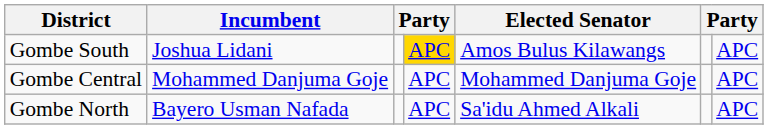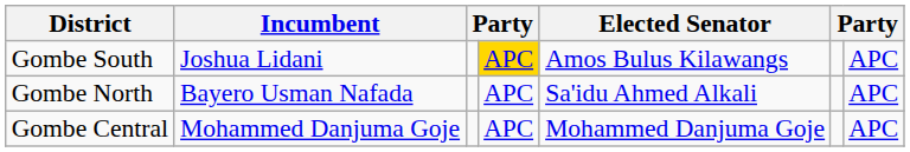 <table class="sortable wikitable" style="font-size:95%;line-height:14px;">
 <tr>
 <th class="unsortable">District</th>
 <th class="unsortable"><a href='#'>Incumbent</a></th>
 <th colspan="2">Party</th>
 <th class="unsortable">Elected Senator</th>
 <th colspan="2">Party</th>
 </tr>
 <tr>
 <td>Gombe South</td>
 <td><a href='#'>Joshua Lidani</a></td>
 <td style="background:"></td>
 <td style="background: gold;"><a href='#'>APC</a></td>
 <td><a href='#'>Amos Bulus Kilawangs</a></td>
 <td style="background:"></td>
 <td><a href='#'>APC</a></td>
 </tr>
 <tr>
+<td>Gombe North</td>
+<td><a href='#'>Bayero Usman Nafada</a></td>
+<td style="background:"></td>
+<td><a href='#'>APC</a></td>
+<td><a href='#'>Sa'idu Ahmed Alkali</a></td>
+<td style="background:"></td>
+<td><a href='#'>APC</a></td>
+</tr>
+<tr>
 <td>Gombe Central</td>
 <td><a href='#'>Mohammed Danjuma Goje</a></td>
 <td style="background:"></td>
 <td><a href='#'>APC</a></td>
 <td><a href='#'>Mohammed Danjuma Goje</a></td>
 <td style="background:"></td>
 <td><a href='#'>APC</a></td>
 </tr>
-<tr>
-<td>Gombe North</td>
-<td><a href='#'>Bayero Usman Nafada</a></td>
-<td style="background:"></td>
-<td><a href='#'>APC</a></td>
-<td><a href='#'>Sa'idu Ahmed Alkali</a></td>
-<td style="background:"></td>
-<td><a href='#'>APC</a></td>
-</tr>
 </table>
